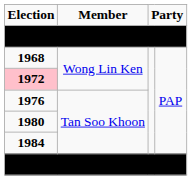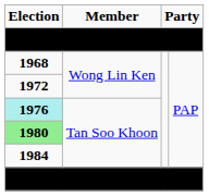 <table class="wikitable" align="center" style="text-align:center">
 <tr>
 <td><strong>Election </strong></td>
 <td><strong>Member</strong></td>
 <td colspan="2"><strong>Party</strong></td>
 </tr>
 <tr>
 <td colspan=4 bgcolor=black><span><strong>Formation</strong></span></td>
 </tr>
 <tr>
 <td><strong>1968</strong></td>
 <td rowspan="2"><a href='#'>Wong Lin Ken</a></td>
 <td rowspan="5"></td>
 <td rowspan="5"><a href='#'>PAP</a></td>
 </tr>
 <tr>
-<td style="background: pink;"><strong>1972</strong></td>
+<td><strong>1972</strong></td>
 </tr>
 <tr>
-<td><strong>1976</strong></td>
+<td style="background: paleturquoise;"><strong>1976</strong></td>
 <td rowspan="3"><a href='#'>Tan Soo Khoon</a></td>
 </tr>
 <tr>
-<td><strong>1980</strong></td>
+<td style="background: lightgreen;"><strong>1980</strong></td>
 </tr>
 <tr>
 <td><strong>1984</strong></td>
 </tr>
 <tr>
 <td colspan=4 bgcolor=black><span><strong>Constituency abolished (1988)</strong></span></td>
 </tr>
 </table>
